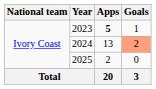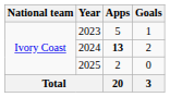 <table class="wikitable" style="text-align:center">
 <tr>
 <th>National team</th>
 <th>Year</th>
 <th>Apps</th>
 <th>Goals</th>
 </tr>
 <tr>
 <td rowspan="3"><a href='#'>Ivory Coast</a></td>
 <td>2023</td>
-<td><strong>5</strong></td>
+<td>5</td>
 <td>1</td>
 </tr>
 <tr>
 <td>2024</td>
-<td>13</td>
-<td style="background: lightsalmon;">2</td>
+<td><strong>13</strong></td>
+<td>2</td>
 </tr>
 <tr>
 <td>2025</td>
 <td>2</td>
 <td>0</td>
 </tr>
 <tr>
 <th colspan="2">Total</th>
 <th>20</th>
 <th>3</th>
 </tr>
 </table>
